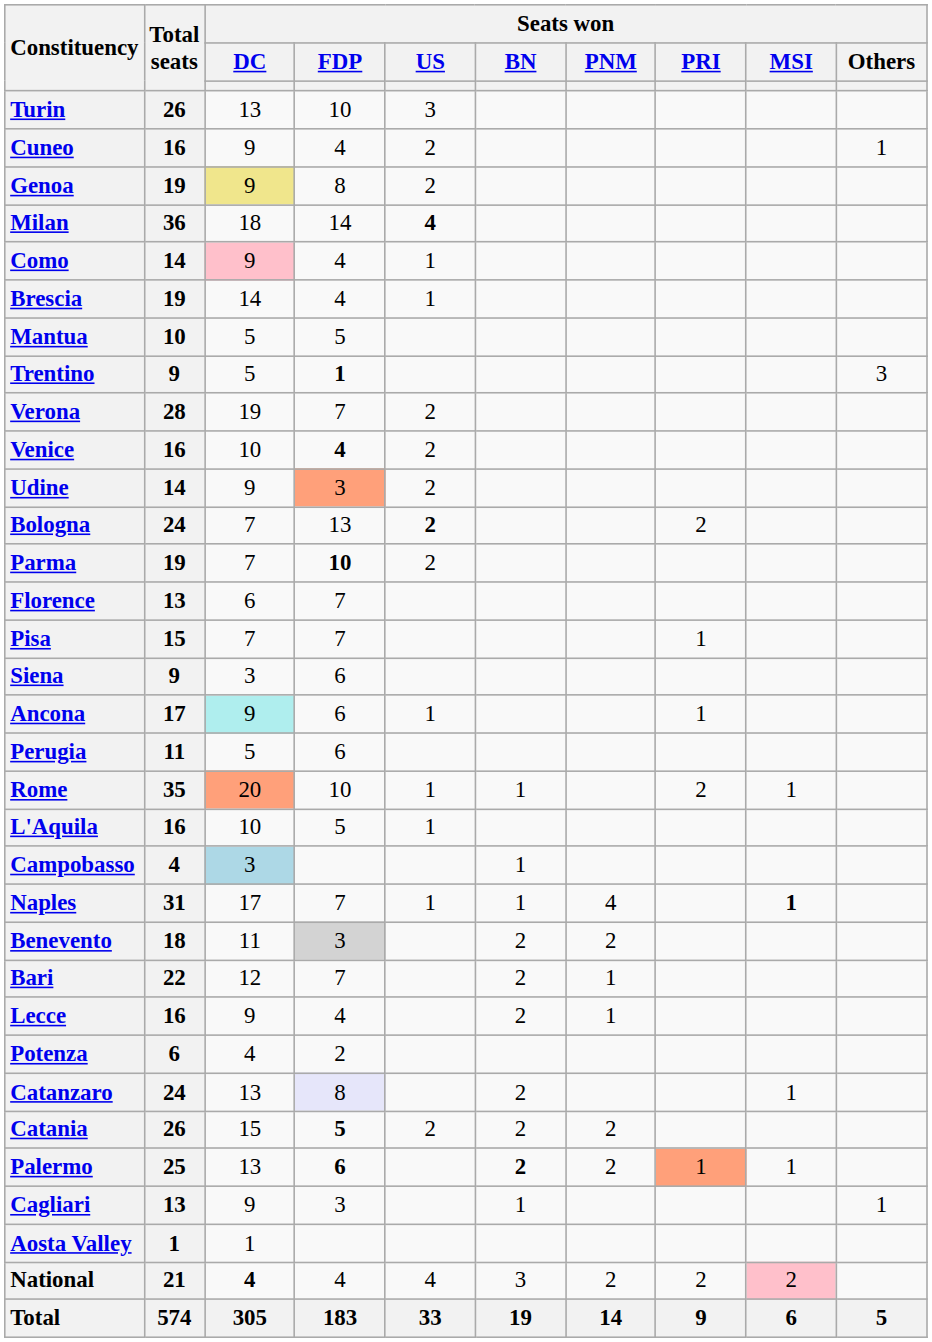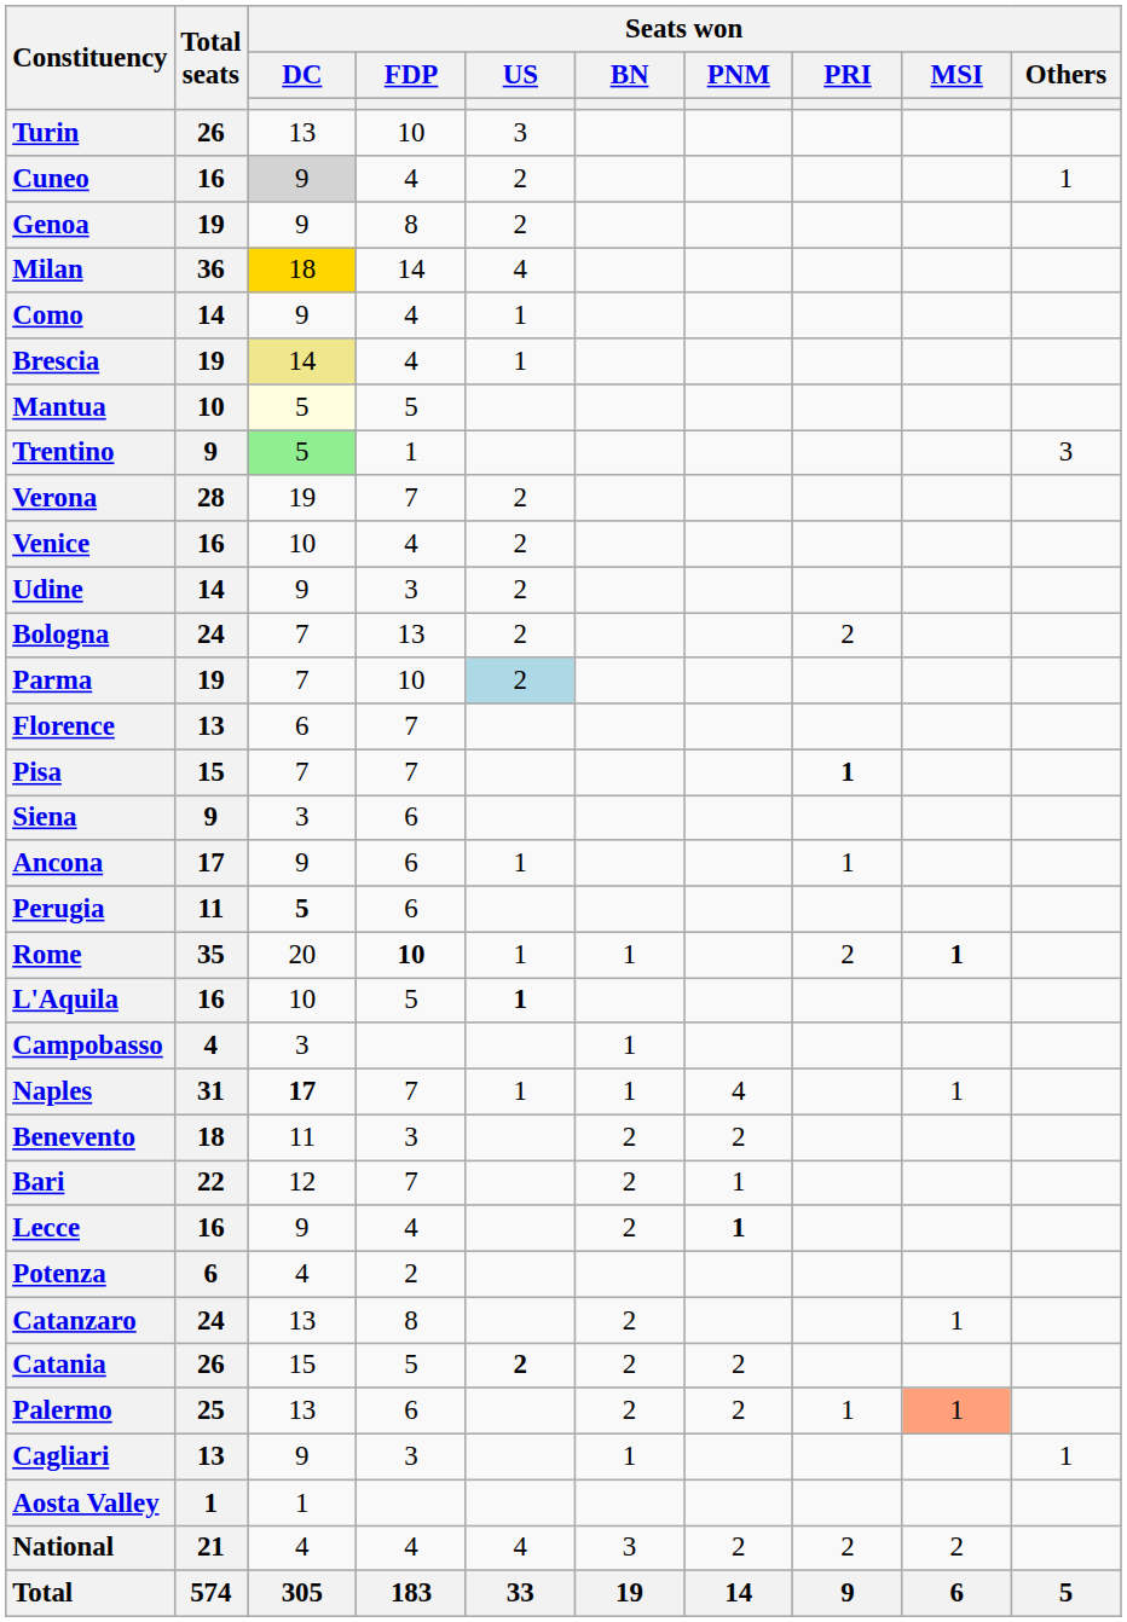 <table class="wikitable" style="text-align:center; font-size: 0.9em">
 <tr>
 <th rowspan="3">Constituency</th>
 <th rowspan="3">Total<br>seats</th>
 <th colspan="8">Seats won</th>
 </tr>
 <tr>
 <th class="unsortable" style="width:50px;"><a href='#'>DC</a></th>
 <th class="unsortable" style="width:50px;"><a href='#'>FDP</a></th>
 <th class="unsortable" style="width:50px;"><a href='#'>US</a></th>
 <th class="unsortable" style="width:50px;"><a href='#'>BN</a></th>
 <th class="unsortable" style="width:50px;"><a href='#'>PNM</a></th>
 <th class="unsortable" style="width:50px;"><a href='#'>PRI</a></th>
 <th class="unsortable" style="width:50px;"><a href='#'>MSI</a></th>
 <th class="unsortable" style="width:50px;">Others</th>
 </tr>
 <tr>
 <th style="background:"></th>
 <th style="background:"></th>
 <th style="background:"></th>
 <th style="background:"></th>
 <th style="background:"></th>
 <th style="background:"></th>
 <th style="background:"></th>
 <th style="background:"></th>
 </tr>
 <tr>
 <th style="text-align: left;"><a href='#'>Turin</a></th>
 <th>26</th>
 <td>13</td>
 <td>10</td>
 <td>3</td>
 <td></td>
 <td></td>
 <td></td>
 <td></td>
 <td></td>
 </tr>
 <tr>
 <th style="text-align: left;"><a href='#'>Cuneo</a></th>
 <th>16</th>
-<td>9</td>
+<td style="background: lightgrey;">9</td>
 <td>4</td>
 <td>2</td>
 <td></td>
 <td></td>
 <td></td>
 <td></td>
 <td>1</td>
 </tr>
 <tr>
 <th style="text-align: left;"><a href='#'>Genoa</a></th>
 <th>19</th>
-<td style="background: khaki;">9</td>
+<td>9</td>
 <td>8</td>
 <td>2</td>
 <td></td>
 <td></td>
 <td></td>
 <td></td>
 <td></td>
 </tr>
 <tr>
 <th style="text-align: left;"><a href='#'>Milan</a></th>
 <th>36</th>
-<td>18</td>
+<td style="background: gold;">18</td>
 <td>14</td>
-<td><strong>4</strong></td>
+<td>4</td>
 <td></td>
 <td></td>
 <td></td>
 <td></td>
 <td></td>
 </tr>
 <tr>
 <th style="text-align: left;"><a href='#'>Como</a></th>
 <th>14</th>
-<td style="background: pink;">9</td>
+<td>9</td>
 <td>4</td>
 <td>1</td>
 <td></td>
 <td></td>
 <td></td>
 <td></td>
 <td></td>
 </tr>
 <tr>
 <th style="text-align: left;"><a href='#'>Brescia</a></th>
 <th>19</th>
-<td>14</td>
+<td style="background: khaki;">14</td>
 <td>4</td>
 <td>1</td>
 <td></td>
 <td></td>
 <td></td>
 <td></td>
 <td></td>
 </tr>
 <tr>
 <th style="text-align: left;"><a href='#'>Mantua</a></th>
 <th>10</th>
-<td>5</td>
+<td style="background: lightyellow;">5</td>
 <td>5</td>
 <td></td>
 <td></td>
 <td></td>
 <td></td>
 <td></td>
 <td></td>
 </tr>
 <tr>
 <th style="text-align: left;"><a href='#'>Trentino</a></th>
 <th>9</th>
-<td>5</td>
-<td><strong>1</strong></td>
+<td style="background: lightgreen;">5</td>
+<td>1</td>
 <td></td>
 <td></td>
 <td></td>
 <td></td>
 <td></td>
 <td>3</td>
 </tr>
 <tr>
 <th style="text-align: left;"><a href='#'>Verona</a></th>
 <th>28</th>
 <td>19</td>
 <td>7</td>
 <td>2</td>
 <td></td>
 <td></td>
 <td></td>
 <td></td>
 <td></td>
 </tr>
 <tr>
 <th style="text-align: left;"><a href='#'>Venice</a></th>
 <th>16</th>
 <td>10</td>
-<td><strong>4</strong></td>
+<td>4</td>
 <td>2</td>
 <td></td>
 <td></td>
 <td></td>
 <td></td>
 <td></td>
 </tr>
 <tr>
 <th style="text-align: left;"><a href='#'>Udine</a></th>
 <th>14</th>
 <td>9</td>
-<td style="background: lightsalmon;">3</td>
+<td>3</td>
 <td>2</td>
 <td></td>
 <td></td>
 <td></td>
 <td></td>
 <td></td>
 </tr>
 <tr>
 <th style="text-align: left;"><a href='#'>Bologna</a></th>
 <th>24</th>
 <td>7</td>
 <td>13</td>
-<td><strong>2</strong></td>
+<td>2</td>
 <td></td>
 <td></td>
 <td>2</td>
 <td></td>
 <td></td>
 </tr>
 <tr>
 <th style="text-align: left;"><a href='#'>Parma</a></th>
 <th>19</th>
 <td>7</td>
-<td><strong>10</strong></td>
-<td>2</td>
+<td>10</td>
+<td style="background: lightblue;">2</td>
 <td></td>
 <td></td>
 <td></td>
 <td></td>
 <td></td>
 </tr>
 <tr>
 <th style="text-align: left;"><a href='#'>Florence</a></th>
 <th>13</th>
 <td>6</td>
 <td>7</td>
 <td></td>
 <td></td>
 <td></td>
 <td></td>
 <td></td>
 <td></td>
 </tr>
 <tr>
 <th style="text-align: left;"><a href='#'>Pisa</a></th>
 <th>15</th>
 <td>7</td>
 <td>7</td>
 <td></td>
 <td></td>
 <td></td>
-<td>1</td>
+<td><strong>1</strong></td>
 <td></td>
 <td></td>
 </tr>
 <tr>
 <th style="text-align: left;"><a href='#'>Siena</a></th>
 <th>9</th>
 <td>3</td>
 <td>6</td>
 <td></td>
 <td></td>
 <td></td>
 <td></td>
 <td></td>
 <td></td>
 </tr>
 <tr>
 <th style="text-align: left;"><a href='#'>Ancona</a></th>
 <th>17</th>
-<td style="background: paleturquoise;">9</td>
+<td>9</td>
 <td>6</td>
 <td>1</td>
 <td></td>
 <td></td>
 <td>1</td>
 <td></td>
 <td></td>
 </tr>
 <tr>
 <th style="text-align: left;"><a href='#'>Perugia</a></th>
 <th>11</th>
-<td>5</td>
+<td><strong>5</strong></td>
 <td>6</td>
 <td></td>
 <td></td>
 <td></td>
 <td></td>
 <td></td>
 <td></td>
 </tr>
 <tr>
 <th style="text-align: left;"><a href='#'>Rome</a></th>
 <th>35</th>
-<td style="background: lightsalmon;">20</td>
-<td>10</td>
+<td>20</td>
+<td><strong>10</strong></td>
 <td>1</td>
 <td>1</td>
 <td></td>
 <td>2</td>
-<td>1</td>
+<td><strong>1</strong></td>
 <td></td>
 </tr>
 <tr>
 <th style="text-align: left;"><a href='#'>L'Aquila</a></th>
 <th>16</th>
 <td>10</td>
 <td>5</td>
-<td>1</td>
+<td><strong>1</strong></td>
 <td></td>
 <td></td>
 <td></td>
 <td></td>
 <td></td>
 </tr>
 <tr>
 <th style="text-align: left;"><a href='#'>Campobasso</a></th>
 <th>4</th>
-<td style="background: lightblue;">3</td>
+<td>3</td>
 <td></td>
 <td></td>
 <td>1</td>
 <td></td>
 <td></td>
 <td></td>
 <td></td>
 </tr>
 <tr>
 <th style="text-align: left;"><a href='#'>Naples</a></th>
 <th>31</th>
-<td>17</td>
+<td><strong>17</strong></td>
 <td>7</td>
 <td>1</td>
 <td>1</td>
 <td>4</td>
 <td></td>
-<td><strong>1</strong></td>
+<td>1</td>
 <td></td>
 </tr>
 <tr>
 <th style="text-align: left;"><a href='#'>Benevento</a></th>
 <th>18</th>
 <td>11</td>
-<td style="background: lightgrey;">3</td>
+<td>3</td>
 <td></td>
 <td>2</td>
 <td>2</td>
 <td></td>
 <td></td>
 <td></td>
 </tr>
 <tr>
 <th style="text-align: left;"><a href='#'>Bari</a></th>
 <th>22</th>
 <td>12</td>
 <td>7</td>
 <td></td>
 <td>2</td>
 <td>1</td>
 <td></td>
 <td></td>
 <td></td>
 </tr>
 <tr>
 <th style="text-align: left;"><a href='#'>Lecce</a></th>
 <th>16</th>
 <td>9</td>
 <td>4</td>
 <td></td>
 <td>2</td>
-<td>1</td>
+<td><strong>1</strong></td>
 <td></td>
 <td></td>
 <td></td>
 </tr>
 <tr>
 <th style="text-align: left;"><a href='#'>Potenza</a></th>
 <th>6</th>
 <td>4</td>
 <td>2</td>
 <td></td>
 <td></td>
 <td></td>
 <td></td>
 <td></td>
 <td></td>
 </tr>
 <tr>
 <th style="text-align: left;"><a href='#'>Catanzaro</a></th>
 <th>24</th>
 <td>13</td>
-<td style="background: lavender;">8</td>
+<td>8</td>
 <td></td>
 <td>2</td>
 <td></td>
 <td></td>
 <td>1</td>
 <td></td>
 </tr>
 <tr>
 <th style="text-align: left;"><a href='#'>Catania</a></th>
 <th>26</th>
 <td>15</td>
-<td><strong>5</strong></td>
-<td>2</td>
+<td>5</td>
+<td><strong>2</strong></td>
 <td>2</td>
 <td>2</td>
 <td></td>
 <td></td>
 <td></td>
 </tr>
 <tr>
 <th style="text-align: left;"><a href='#'>Palermo</a></th>
 <th>25</th>
 <td>13</td>
-<td><strong>6</strong></td>
+<td>6</td>
 <td></td>
-<td><strong>2</strong></td>
 <td>2</td>
+<td>2</td>
+<td>1</td>
 <td style="background: lightsalmon;">1</td>
-<td>1</td>
 <td></td>
 </tr>
 <tr>
 <th style="text-align: left;"><a href='#'>Cagliari</a></th>
 <th>13</th>
 <td>9</td>
 <td>3</td>
 <td></td>
 <td>1</td>
 <td></td>
 <td></td>
 <td></td>
 <td>1</td>
 </tr>
 <tr>
 <th style="text-align: left;"><a href='#'>Aosta Valley</a></th>
 <th>1</th>
 <td>1</td>
 <td></td>
 <td></td>
 <td></td>
 <td></td>
 <td></td>
 <td></td>
 <td></td>
 </tr>
 <tr>
 <th style="text-align: left;">National</th>
 <th>21</th>
-<td><strong>4</strong></td>
+<td>4</td>
 <td>4</td>
 <td>4</td>
 <td>3</td>
 <td>2</td>
 <td>2</td>
-<td style="background: pink;">2</td>
+<td>2</td>
 <td></td>
 </tr>
 <tr>
 <th style="text-align: left;">Total</th>
 <th>574</th>
 <th>305</th>
 <th>183</th>
 <th>33</th>
 <th>19</th>
 <th>14</th>
 <th>9</th>
 <th>6</th>
 <th>5</th>
 </tr>
 </table>
